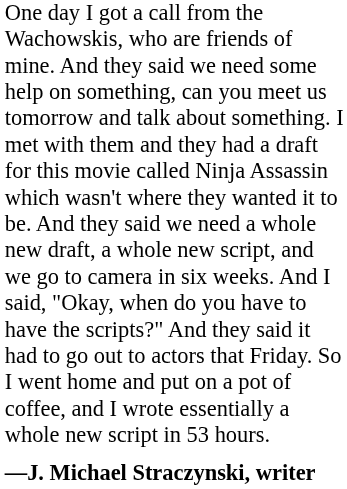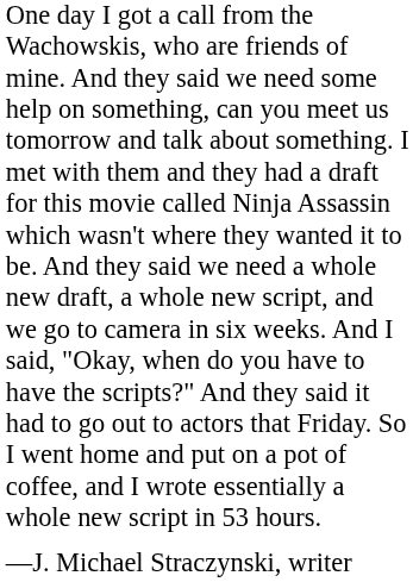 <table class="toccolours" style="float: right; margin-left: 1em; margin-right: 1em; font-size: 85%; color:black; width:40em; max-width: 35%;" cellspacing="5">
 <tr>
 <td style="text-align: left;">One day I got a call from the Wachowskis, who are friends of mine. And they said we need some help on something, can you meet us tomorrow and talk about something. I met with them and they had a draft for this movie called Ninja Assassin which wasn't where they wanted it to be. And they said we need a whole new draft, a whole new script, and we go to camera in six weeks. And I said, "Okay, when do you have to have the scripts?" And they said it had to go out to actors that Friday. So I went home and put on a pot of coffee, and I wrote essentially a whole new script in 53 hours.</td>
 </tr>
 <tr>
-<td style="text-align: left;"><strong>—J. Michael Straczynski, writer</strong></td>
+<td style="text-align: left;">—J. Michael Straczynski, writer</td>
 </tr>
 </table>
